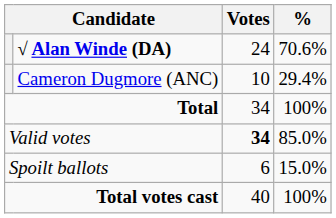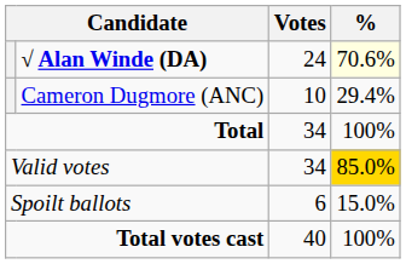 <table class=wikitable>
 <tr>
 <th colspan=2>Candidate</th>
 <th>Votes</th>
 <th>%</th>
 </tr>
 <tr>
 <th style="background-color: "></th>
 <td><strong>√ <a href='#'>Alan Winde</a> (DA)</strong></td>
 <td style="text-align:right">24</td>
-<td style="text-align:right">70.6%</td>
+<td style="background: lightyellow; text-align:right">70.6%</td>
 </tr>
 <tr>
 <th style="background-color: "></th>
 <td><a href='#'>Cameron Dugmore</a> (ANC)</td>
 <td style="text-align:right">10</td>
 <td style="text-align:right">29.4%</td>
 </tr>
 <tr>
 <td colspan=2 style="text-align:right"><strong>Total</strong></td>
 <td style="text-align:right">34</td>
 <td style="text-align:right">100%</td>
 </tr>
 <tr>
 <td colspan=2 style="text-align:left"><em>Valid votes</em></td>
-<td style="text-align:right"><strong>34</strong></td>
-<td style="text-align:right">85.0%</td>
+<td style="text-align:right">34</td>
+<td style="background: gold; text-align:right">85.0%</td>
 </tr>
 <tr>
 <td colspan=2 style="text-align:left"><em>Spoilt ballots</em></td>
 <td style="text-align:right">6</td>
 <td style="text-align:right">15.0%</td>
 </tr>
 <tr>
 <td colspan=2 style="text-align:right"><strong>Total votes cast</strong></td>
 <td style="text-align:right">40</td>
 <td style="text-align:right">100%</td>
 </tr>
 </table>
